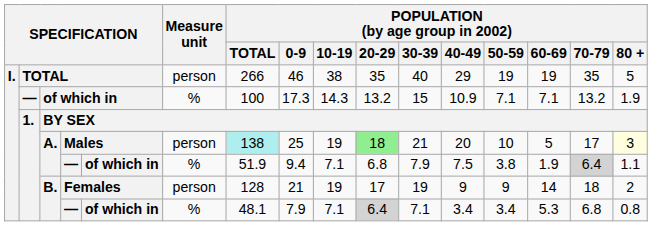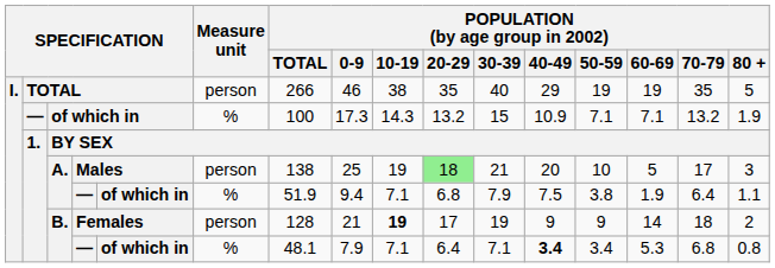 <table class="wikitable" style="font-size:85%; text-align:center">
 <tr>
 <th rowspan="2" colspan="5">SPECIFICATION</th>
 <th rowspan="2">Measure<br> unit</th>
 <th colspan="10" rowspan="1">POPULATION<br> (by age group in 2002)</th>
 </tr>
 <tr>
 <th>TOTAL</th>
 <th>0-9</th>
 <th>10-19</th>
 <th>20-29</th>
 <th>30-39</th>
 <th>40-49</th>
 <th>50-59</th>
 <th>60-69</th>
 <th>70-79</th>
 <th>80 +</th>
 </tr>
 <tr>
 <th style="text-align:left" valign="top" rowspan="7">I.</th>
 <th style="text-align:left" colspan="4">TOTAL</th>
 <td>person</td>
 <td>266</td>
 <td>46</td>
 <td>38</td>
 <td>35</td>
 <td>40</td>
 <td>29</td>
 <td>19</td>
 <td>19</td>
 <td>35</td>
 <td>5</td>
 </tr>
 <tr>
 <th style="text-align:left" valign="top">—</th>
 <th style="text-align:left" colspan="3">of which in</th>
 <td>%</td>
 <td>100</td>
 <td>17.3</td>
 <td>14.3</td>
 <td>13.2</td>
 <td>15</td>
 <td>10.9</td>
 <td>7.1</td>
 <td>7.1</td>
 <td>13.2</td>
 <td>1.9</td>
 </tr>
 <tr>
 <th style="text-align:left" valign="top" rowspan="5">1.</th>
 <th style="text-align:left" colspan="14">BY SEX</th>
 </tr>
 <tr>
 <th style="text-align:left" valign="top" rowspan="2">A.</th>
 <th style="text-align:left" colspan="2">Males</th>
 <td>person</td>
-<td style="background: paleturquoise;">138</td>
+<td>138</td>
 <td>25</td>
 <td>19</td>
 <td style="background: lightgreen;">18</td>
 <td>21</td>
 <td>20</td>
 <td>10</td>
 <td>5</td>
 <td>17</td>
-<td style="background: lightyellow;">3</td>
+<td>3</td>
 </tr>
 <tr>
 <th style="text-align:left" valign="top">—</th>
 <th style="text-align:left" colspan="1">of which in</th>
 <td>%</td>
 <td>51.9</td>
 <td>9.4</td>
 <td>7.1</td>
 <td>6.8</td>
 <td>7.9</td>
 <td>7.5</td>
 <td>3.8</td>
 <td>1.9</td>
-<td style="background: lightgrey;">6.4</td>
+<td>6.4</td>
 <td>1.1</td>
 </tr>
 <tr>
 <th style="text-align:left" valign="top" rowspan="2">B.</th>
 <th style="text-align:left" colspan="2">Females</th>
 <td>person</td>
 <td>128</td>
 <td>21</td>
-<td>19</td>
+<td><strong>19</strong></td>
 <td>17</td>
 <td>19</td>
 <td>9</td>
 <td>9</td>
 <td>14</td>
 <td>18</td>
 <td>2</td>
 </tr>
 <tr>
 <th style="text-align:left" valign="top">—</th>
 <th style="text-align:left" colspan="1">of which in</th>
 <td>%</td>
 <td>48.1</td>
 <td>7.9</td>
 <td>7.1</td>
-<td style="background: lightgrey;">6.4</td>
+<td>6.4</td>
 <td>7.1</td>
-<td>3.4</td>
+<td><strong>3.4</strong></td>
 <td>3.4</td>
 <td>5.3</td>
 <td>6.8</td>
 <td>0.8</td>
 </tr>
 </table>
